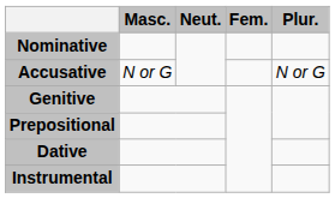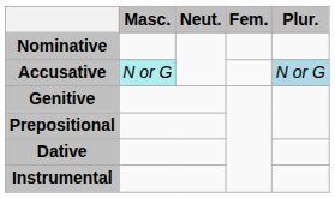 <table class="wikitable" style="display: inline-table;">
 <tr>
 <th></th>
 <th style="background:#C0C0C0">Masc.</th>
 <th style="background:#C0C0C0">Neut.</th>
 <th style="background:#C0C0C0">Fem.</th>
 <th style="background:#C0C0C0">Plur.</th>
 </tr>
 <tr>
 <th style="background:#C0C0C0"><strong>Nominative</strong></th>
 <td></td>
 <td rowspan="2"></td>
 <td></td>
 <td></td>
 </tr>
 <tr>
 <th style="background:#C0C0C0"><strong>Accusative</strong></th>
-<td><em>N or G</em></td>
+<td style="background: paleturquoise;"><em>N or G</em></td>
 <td></td>
-<td><em>N or G</em></td>
+<td style="background: lightblue;"><em>N or G</em></td>
 </tr>
 <tr>
 <th style="background:#C0C0C0"><strong>Genitive</strong></th>
 <td colspan="2"></td>
 <td rowspan="4"></td>
 <td rowspan="2"></td>
 </tr>
 <tr>
 <th style="background:#C0C0C0"><strong>Prepositional</strong></th>
 <td colspan="2"></td>
 </tr>
 <tr>
 <th style="background:#C0C0C0"><strong>Dative</strong></th>
 <td colspan="2"></td>
 <td></td>
 </tr>
 <tr>
 <th style="background:#C0C0C0"><strong>Instrumental</strong></th>
 <td colspan="2"></td>
 <td></td>
 </tr>
 </table>
